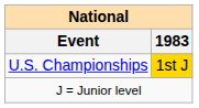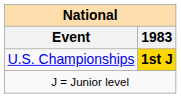 <table class="wikitable" style="text-align:center">
 <tr>
 <th style="background-color: #ffdead; " colspan=2 align=center>National</th>
 </tr>
 <tr>
 <th>Event</th>
 <th>1983</th>
 </tr>
 <tr>
 <td align=left><a href='#'>U.S. Championships</a></td>
-<td bgcolor=gold>1st J</td>
+<td bgcolor=gold><strong>1st J</strong></td>
 </tr>
 <tr>
 <td colspan=2 align=center><small> J = Junior level </small></td>
 </tr>
 </table>
